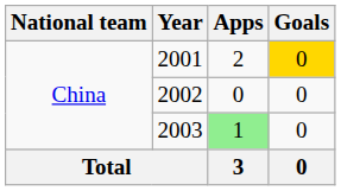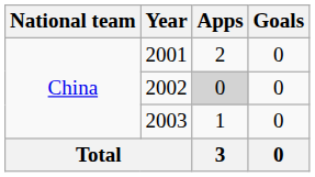 <table class="wikitable" style="text-align:center">
 <tr>
 <th>National team</th>
 <th>Year</th>
 <th>Apps</th>
 <th>Goals</th>
 </tr>
 <tr>
 <td rowspan="3"><a href='#'>China</a></td>
 <td>2001</td>
 <td>2</td>
-<td style="background: gold;">0</td>
+<td>0</td>
 </tr>
 <tr>
 <td>2002</td>
-<td>0</td>
+<td style="background: lightgrey;">0</td>
 <td>0</td>
 </tr>
 <tr>
 <td>2003</td>
-<td style="background: lightgreen;">1</td>
+<td>1</td>
 <td>0</td>
 </tr>
 <tr>
 <th colspan=2>Total</th>
 <th>3</th>
 <th>0</th>
 </tr>
 </table>
